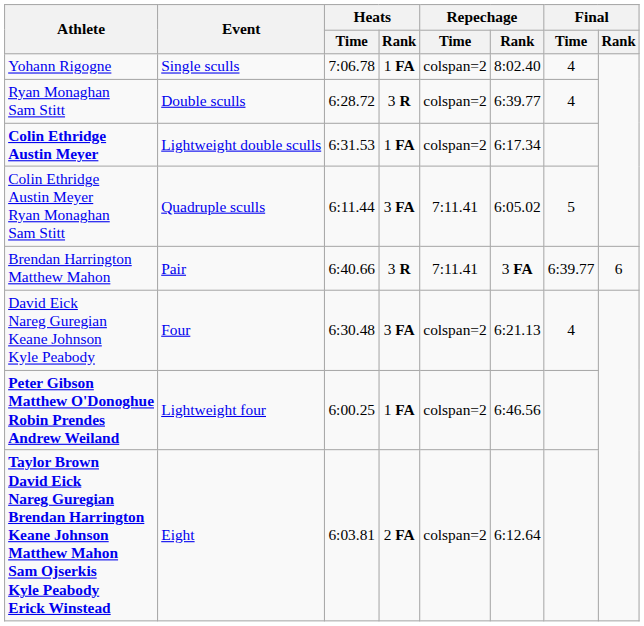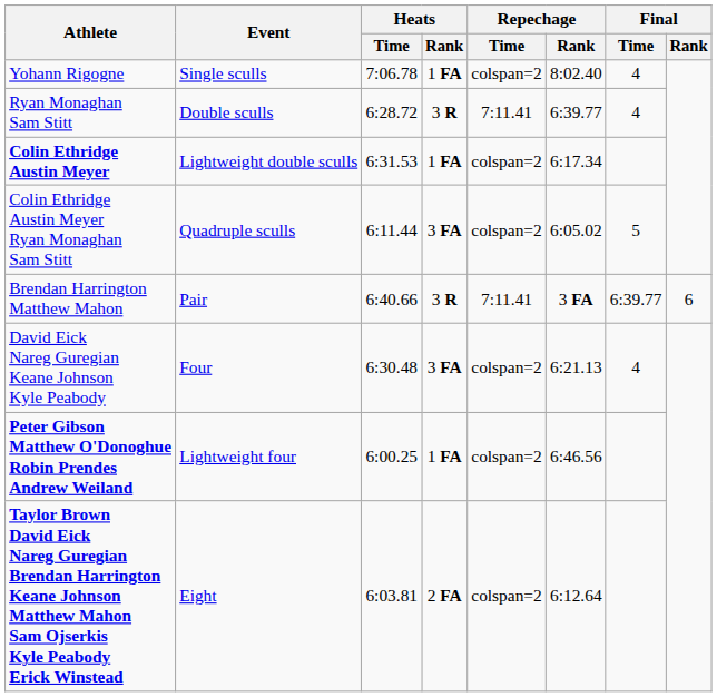 <table class="wikitable" style="font-size:90%">
 <tr>
 <th rowspan=2>Athlete</th>
 <th rowspan=2>Event</th>
 <th colspan="2">Heats</th>
 <th colspan="2">Repechage</th>
 <th colspan="2">Final</th>
 </tr>
 <tr style="font-size:95%">
 <th>Time</th>
 <th>Rank</th>
 <th>Time</th>
 <th>Rank</th>
 <th>Time</th>
 <th>Rank</th>
 </tr>
 <tr align=center>
 <td align=left><a href='#'>Yohann Rigogne</a></td>
 <td align=left><a href='#'>Single sculls</a></td>
 <td>7:06.78</td>
 <td>1 <strong>FA</strong></td>
 <td>colspan=2 </td>
 <td>8:02.40</td>
 <td>4</td>
 </tr>
 <tr align=center>
 <td align=left><a href='#'>Ryan Monaghan</a><br><a href='#'>Sam Stitt</a></td>
 <td align=left><a href='#'>Double sculls</a></td>
 <td>6:28.72</td>
 <td>3 <strong>R</strong></td>
-<td>colspan=2 </td>
+<td>7:11.41</td>
 <td>6:39.77</td>
 <td>4</td>
 </tr>
 <tr align=center>
 <td align=left><strong><a href='#'>Colin Ethridge</a><br><a href='#'>Austin Meyer</a></strong></td>
 <td align=left><a href='#'>Lightweight double sculls</a></td>
 <td>6:31.53</td>
 <td>1 <strong>FA</strong></td>
 <td>colspan=2 </td>
 <td>6:17.34</td>
 <td></td>
 </tr>
 <tr align=center>
 <td align=left><a href='#'>Colin Ethridge</a><br><a href='#'>Austin Meyer</a><br><a href='#'>Ryan Monaghan</a><br><a href='#'>Sam Stitt</a></td>
 <td align=left><a href='#'>Quadruple sculls</a></td>
 <td>6:11.44</td>
 <td>3 <strong>FA</strong></td>
-<td>7:11.41</td>
+<td>colspan=2 </td>
 <td>6:05.02</td>
 <td>5</td>
 </tr>
 <tr align=center>
 <td align=left><a href='#'>Brendan Harrington</a><br><a href='#'>Matthew Mahon</a></td>
 <td align=left><a href='#'>Pair</a></td>
 <td>6:40.66</td>
 <td>3 <strong>R</strong></td>
 <td>7:11.41</td>
 <td>3 <strong>FA</strong></td>
 <td>6:39.77</td>
 <td>6</td>
 </tr>
 <tr align=center>
 <td align=left><a href='#'>David Eick</a><br><a href='#'>Nareg Guregian</a><br><a href='#'>Keane Johnson</a><br><a href='#'>Kyle Peabody</a></td>
 <td align=left><a href='#'>Four</a></td>
 <td>6:30.48</td>
 <td>3 <strong>FA</strong></td>
 <td>colspan=2 </td>
 <td>6:21.13</td>
 <td>4</td>
 </tr>
 <tr align=center>
 <td align=left><strong><a href='#'>Peter Gibson</a><br><a href='#'>Matthew O'Donoghue</a><br><a href='#'>Robin Prendes</a><br><a href='#'>Andrew Weiland</a></strong></td>
 <td align=left><a href='#'>Lightweight four</a></td>
 <td>6:00.25</td>
 <td>1 <strong>FA</strong></td>
 <td>colspan=2 </td>
 <td>6:46.56</td>
 <td></td>
 </tr>
 <tr align=center>
 <td align=left><strong><a href='#'>Taylor Brown</a><br><a href='#'>David Eick</a><br><a href='#'>Nareg Guregian</a><br><a href='#'>Brendan Harrington</a><br><a href='#'>Keane Johnson</a><br><a href='#'>Matthew Mahon</a><br><a href='#'>Sam Ojserkis</a><br><a href='#'>Kyle Peabody</a><br><a href='#'>Erick Winstead</a></strong></td>
 <td align=left><a href='#'>Eight</a></td>
 <td>6:03.81</td>
 <td>2 <strong>FA</strong></td>
 <td>colspan=2 </td>
 <td>6:12.64</td>
 <td></td>
 </tr>
 </table>
